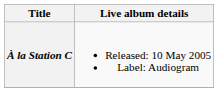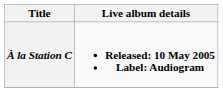 <table class="wikitable plainrowheaders" style="text-align:center;">
 <tr>
 <th scope="col">Title</th>
 <th scope="col">Live album details</th>
 </tr>
 <tr>
 <th scope="row"><em>À la Station C</em></th>
-<td><br><ul><li>Released: 10 May 2005</li><li>Label: Audiogram</li></ul></td>
+<td><strong><br><ul><li>Released: 10 May 2005</li><li>Label: Audiogram</li></ul></strong></td>
 </tr>
 <tr>
 </tr>
 </table>
